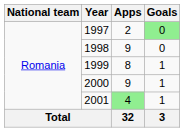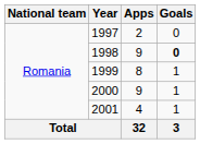 <table class="wikitable" style="text-align:center">
 <tr>
 <th>National team</th>
 <th>Year</th>
 <th>Apps</th>
 <th>Goals</th>
 </tr>
 <tr>
 <td rowspan="5"><a href='#'>Romania</a></td>
 <td>1997</td>
 <td>2</td>
-<td style="background: lightgreen;">0</td>
+<td>0</td>
 </tr>
 <tr>
 <td>1998</td>
 <td>9</td>
-<td>0</td>
+<td><strong>0</strong></td>
 </tr>
 <tr>
 <td>1999</td>
 <td>8</td>
 <td>1</td>
 </tr>
 <tr>
 <td>2000</td>
 <td>9</td>
 <td>1</td>
 </tr>
 <tr>
 <td>2001</td>
-<td style="background: lightgreen;">4</td>
+<td>4</td>
 <td>1</td>
 </tr>
 <tr>
 <th colspan="2">Total</th>
 <th>32</th>
 <th>3</th>
 </tr>
 </table>
